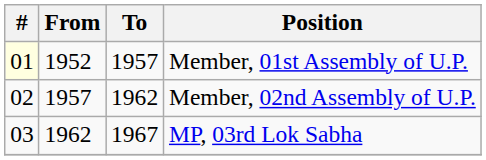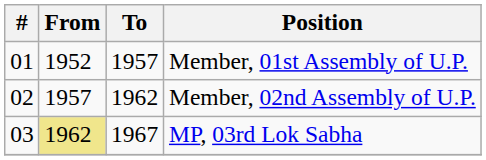 <table class="wikitable sortable">
 <tr>
 <th>#</th>
 <th>From</th>
 <th>To</th>
 <th>Position</th>
 </tr>
 <tr>
-<td style="background: lightyellow;">01</td>
+<td>01</td>
 <td>1952</td>
 <td>1957</td>
 <td>Member, <a href='#'>01st Assembly of U.P.</a></td>
 </tr>
 <tr>
 <td>02</td>
 <td>1957</td>
 <td>1962</td>
 <td>Member, <a href='#'>02nd Assembly of U.P.</a></td>
 </tr>
 <tr>
 <td>03</td>
-<td>1962</td>
+<td style="background: khaki;">1962</td>
 <td>1967</td>
 <td><a href='#'>MP</a>, <a href='#'>03rd Lok Sabha</a></td>
 </tr>
 <tr>
 </tr>
 </table>
